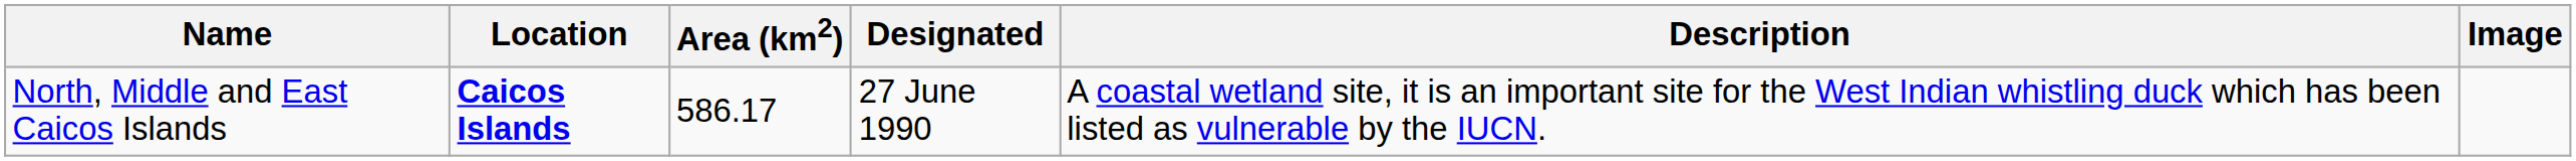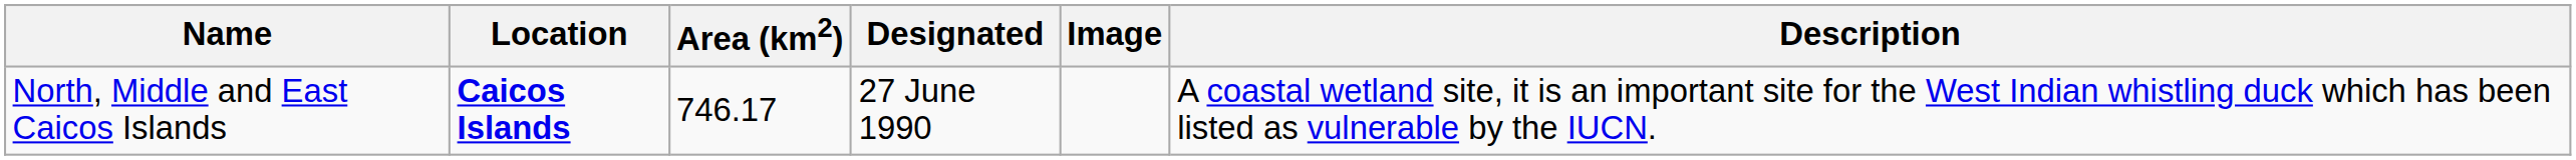 <table class="wikitable sortable">
 <tr>
 <th style="background-color:">Name</th>
 <th style="background-color:">Location</th>
 <th style="background-color:">Area (km<sup>2</sup>)</th>
 <th style="background-color:">Designated</th>
+<th style="background-color:">Image</th>
 <th style="background-color:">Description</th>
-<th style="background-color:">Image</th>
 </tr>
 <tr>
 <td><a href='#'>North</a>, <a href='#'>Middle</a> and <a href='#'>East Caicos</a> Islands</td>
 <td><strong><a href='#'>Caicos Islands</a><br><small></small></strong></td>
-<td>586.17</td>
+<td>746.17</td>
 <td>27 June 1990</td>
+<td></td>
 <td>A <a href='#'>coastal wetland</a> site, it is an important site for the <a href='#'>West Indian whistling duck</a> which has been listed as <a href='#'>vulnerable</a> by the <a href='#'>IUCN</a>.</td>
-<td></td>
 </tr>
 </table>
